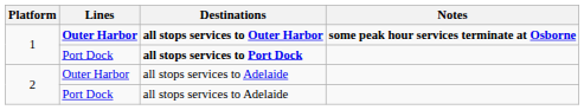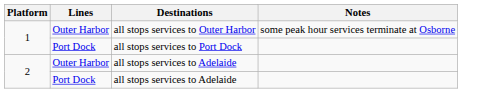 <table class="wikitable" style="float: none; margin: 0.5em; ">
 <tr>
 <th>Platform</th>
 <th>Lines</th>
 <th>Destinations</th>
 <th>Notes</th>
 </tr>
 <tr>
 <td rowspan="2" style="text-align:center;">1</td>
-<td style=background:#><strong><a href='#'><span>Outer Harbor</span></a></strong></td>
-<td><strong>all stops services to <a href='#'>Outer Harbor</a></strong></td>
-<td><strong>some peak hour services terminate at <a href='#'>Osborne</a></strong></td>
+<td style=background:#><a href='#'><span>Outer Harbor</span></a></td>
+<td>all stops services to <a href='#'>Outer Harbor</a></td>
+<td>some peak hour services terminate at <a href='#'>Osborne</a></td>
 </tr>
 <tr>
 <td style=background:#><a href='#'><span>Port Dock</span></a></td>
-<td><strong>all stops services to <a href='#'>Port Dock</a></strong></td>
+<td>all stops services to <a href='#'>Port Dock</a></td>
 <td></td>
 </tr>
 <tr>
 <td rowspan="2" style="text-align:center;">2</td>
 <td style=background:#><a href='#'><span>Outer Harbor</span></a></td>
 <td>all stops services to <a href='#'>Adelaide</a></td>
 <td></td>
 </tr>
 <tr>
 <td style=background:#><a href='#'><span>Port Dock</span></a></td>
 <td>all stops services to Adelaide</td>
 <td></td>
 </tr>
 </table>
